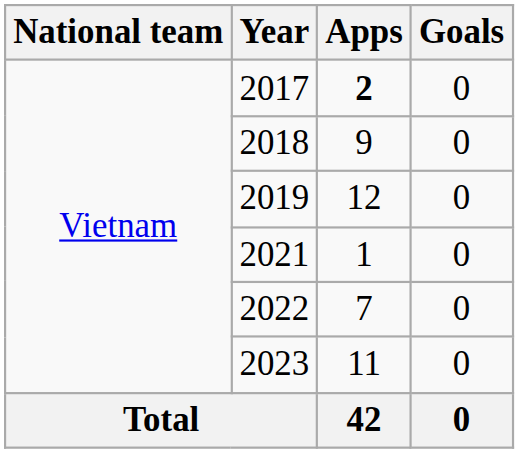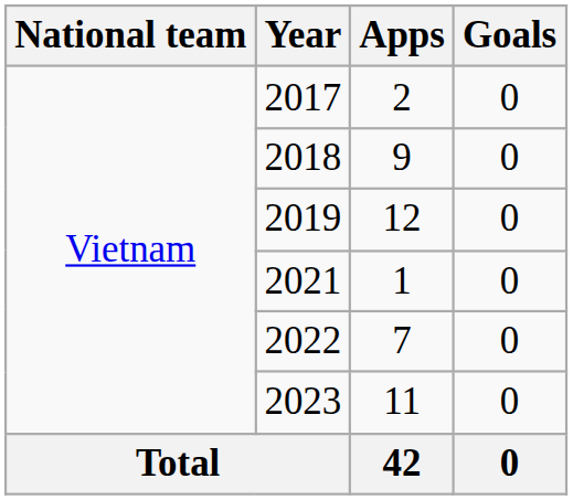 <table class=wikitable style=text-align:center>
 <tr>
 <th>National team</th>
 <th>Year</th>
 <th>Apps</th>
 <th>Goals</th>
 </tr>
 <tr>
 <td rowspan=6><a href='#'>Vietnam</a></td>
 <td>2017</td>
-<td><strong>2</strong></td>
+<td>2</td>
 <td>0</td>
 </tr>
 <tr>
 <td>2018</td>
 <td>9</td>
 <td>0</td>
 </tr>
 <tr>
 <td>2019</td>
 <td>12</td>
 <td>0</td>
 </tr>
 <tr>
 <td>2021</td>
 <td>1</td>
 <td>0</td>
 </tr>
 <tr>
 <td>2022</td>
 <td>7</td>
 <td>0</td>
 </tr>
 <tr>
 <td>2023</td>
 <td>11</td>
 <td>0</td>
 </tr>
 <tr>
 <th colspan=2>Total</th>
 <th>42</th>
 <th>0</th>
 </tr>
 </table>
